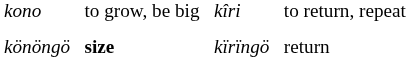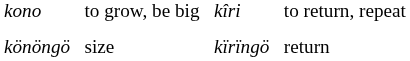 <table border="0" cellspacing="0" cellpadding="6" style="border-collapse:collapse">
 <tr>
 <td>   </td>
 <td><em>kono</em></td>
 <td>to grow, be big</td>
 <td><em>kîri</em></td>
 <td>to return, repeat</td>
 </tr>
 <tr>
 <td>   </td>
 <td><em>könöngö</em></td>
-<td><strong>size</strong></td>
+<td>size</td>
 <td><em>kïrïngö</em></td>
 <td>return</td>
 </tr>
 </table>
